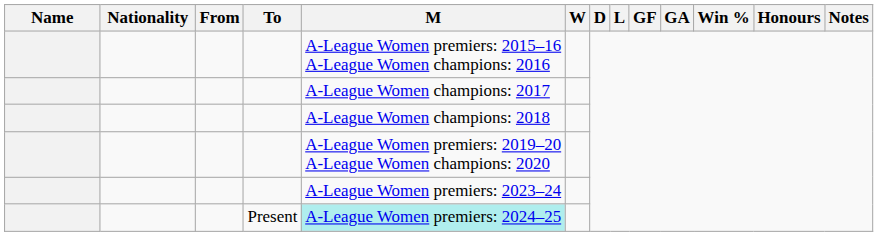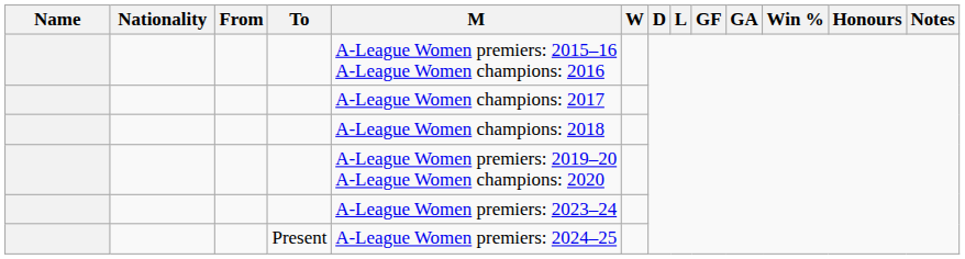 <table class="wikitable plainrowheaders sortable" style="text-align:center">
 <tr>
 <th width=11%>Name</th>
 <th width=11%>Nationality</th>
 <th>From</th>
 <th>To</th>
 <th>M</th>
 <th>W</th>
 <th>D</th>
 <th>L</th>
 <th>GF</th>
 <th>GA</th>
 <th>Win %</th>
 <th class="unsortable">Honours</th>
 <th class="unsortable">Notes</th>
 </tr>
 <tr>
 <th scope=row style=text-align:left></th>
 <td align=left></td>
 <td align=left></td>
 <td align=left><br></td>
 <td align=left><a href='#'>A-League Women</a> premiers: <a href='#'>2015–16</a><br><a href='#'>A-League Women</a> champions: <a href='#'>2016</a></td>
 <td></td>
 </tr>
 <tr>
 <th scope=row style=text-align:left></th>
 <td align=left></td>
 <td align=left></td>
 <td align=left><br></td>
 <td align=left><a href='#'>A-League Women</a> champions: <a href='#'>2017</a></td>
 <td></td>
 </tr>
 <tr>
 <th scope=row style=text-align:left></th>
 <td align=left></td>
 <td align=left></td>
 <td align=left><br></td>
 <td align=left><a href='#'>A-League Women</a> champions: <a href='#'>2018</a></td>
 <td></td>
 </tr>
 <tr>
 <th scope=row style=text-align:left></th>
 <td align=left></td>
 <td align=left></td>
 <td align=left><br></td>
 <td align=left><a href='#'>A-League Women</a> premiers: <a href='#'>2019–20</a><br><a href='#'>A-League Women</a> champions: <a href='#'>2020</a></td>
 <td></td>
 </tr>
 <tr>
 <th scope=row style=text-align:left></th>
 <td align=left></td>
 <td align=left></td>
 <td align=left><br></td>
 <td align=left><a href='#'>A-League Women</a> premiers: <a href='#'>2023–24</a></td>
 <td></td>
 </tr>
 <tr>
 <th scope=row style=text-align:left></th>
 <td align=left></td>
 <td align=left></td>
 <td align=left>Present<br></td>
-<td align=left style="background: paleturquoise;"><a href='#'>A-League Women</a> premiers: <a href='#'>2024–25</a></td>
+<td align=left><a href='#'>A-League Women</a> premiers: <a href='#'>2024–25</a></td>
 <td></td>
 </tr>
 </table>
